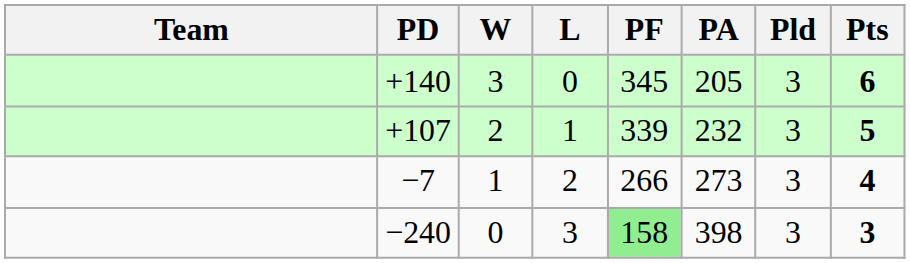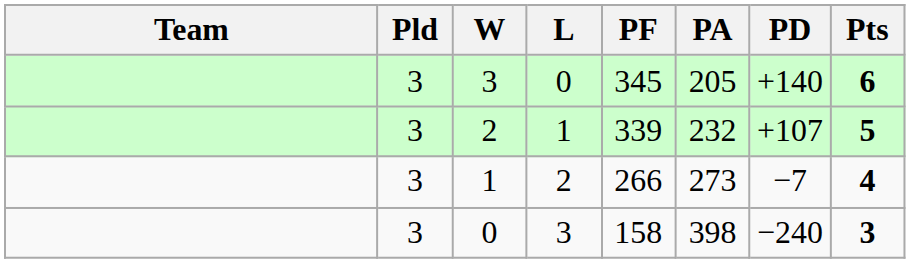 <table class="wikitable" style="text-align:center;">
 <tr>
 <th width=180>Team</th>
-<th width=30>PD</th>
+<th width=30>Pld</th>
 <th width=30>W</th>
 <th width=30>L</th>
 <th width=30>PF</th>
 <th width=30>PA</th>
-<th width=30>Pld</th>
+<th width=30>PD</th>
 <th width=30>Pts</th>
 </tr>
 <tr bgcolor="#ccffcc">
 <td align="left"></td>
-<td>+140</td>
+<td>3</td>
 <td>3</td>
 <td>0</td>
 <td>345</td>
 <td>205</td>
-<td>3</td>
+<td>+140</td>
 <td><strong>6</strong></td>
 </tr>
 <tr bgcolor="#ccffcc">
 <td align="left"></td>
-<td>+107</td>
+<td>3</td>
 <td>2</td>
 <td>1</td>
 <td>339</td>
 <td>232</td>
-<td>3</td>
+<td>+107</td>
 <td><strong>5</strong></td>
 </tr>
 <tr>
 <td align="left"></td>
-<td>−7</td>
+<td>3</td>
 <td>1</td>
 <td>2</td>
 <td>266</td>
 <td>273</td>
-<td>3</td>
+<td>−7</td>
 <td><strong>4</strong></td>
 </tr>
 <tr>
 <td align="left"></td>
-<td>−240</td>
+<td>3</td>
 <td>0</td>
 <td>3</td>
-<td style="background: lightgreen;">158</td>
+<td>158</td>
 <td>398</td>
-<td>3</td>
+<td>−240</td>
 <td><strong>3</strong></td>
 </tr>
 </table>
